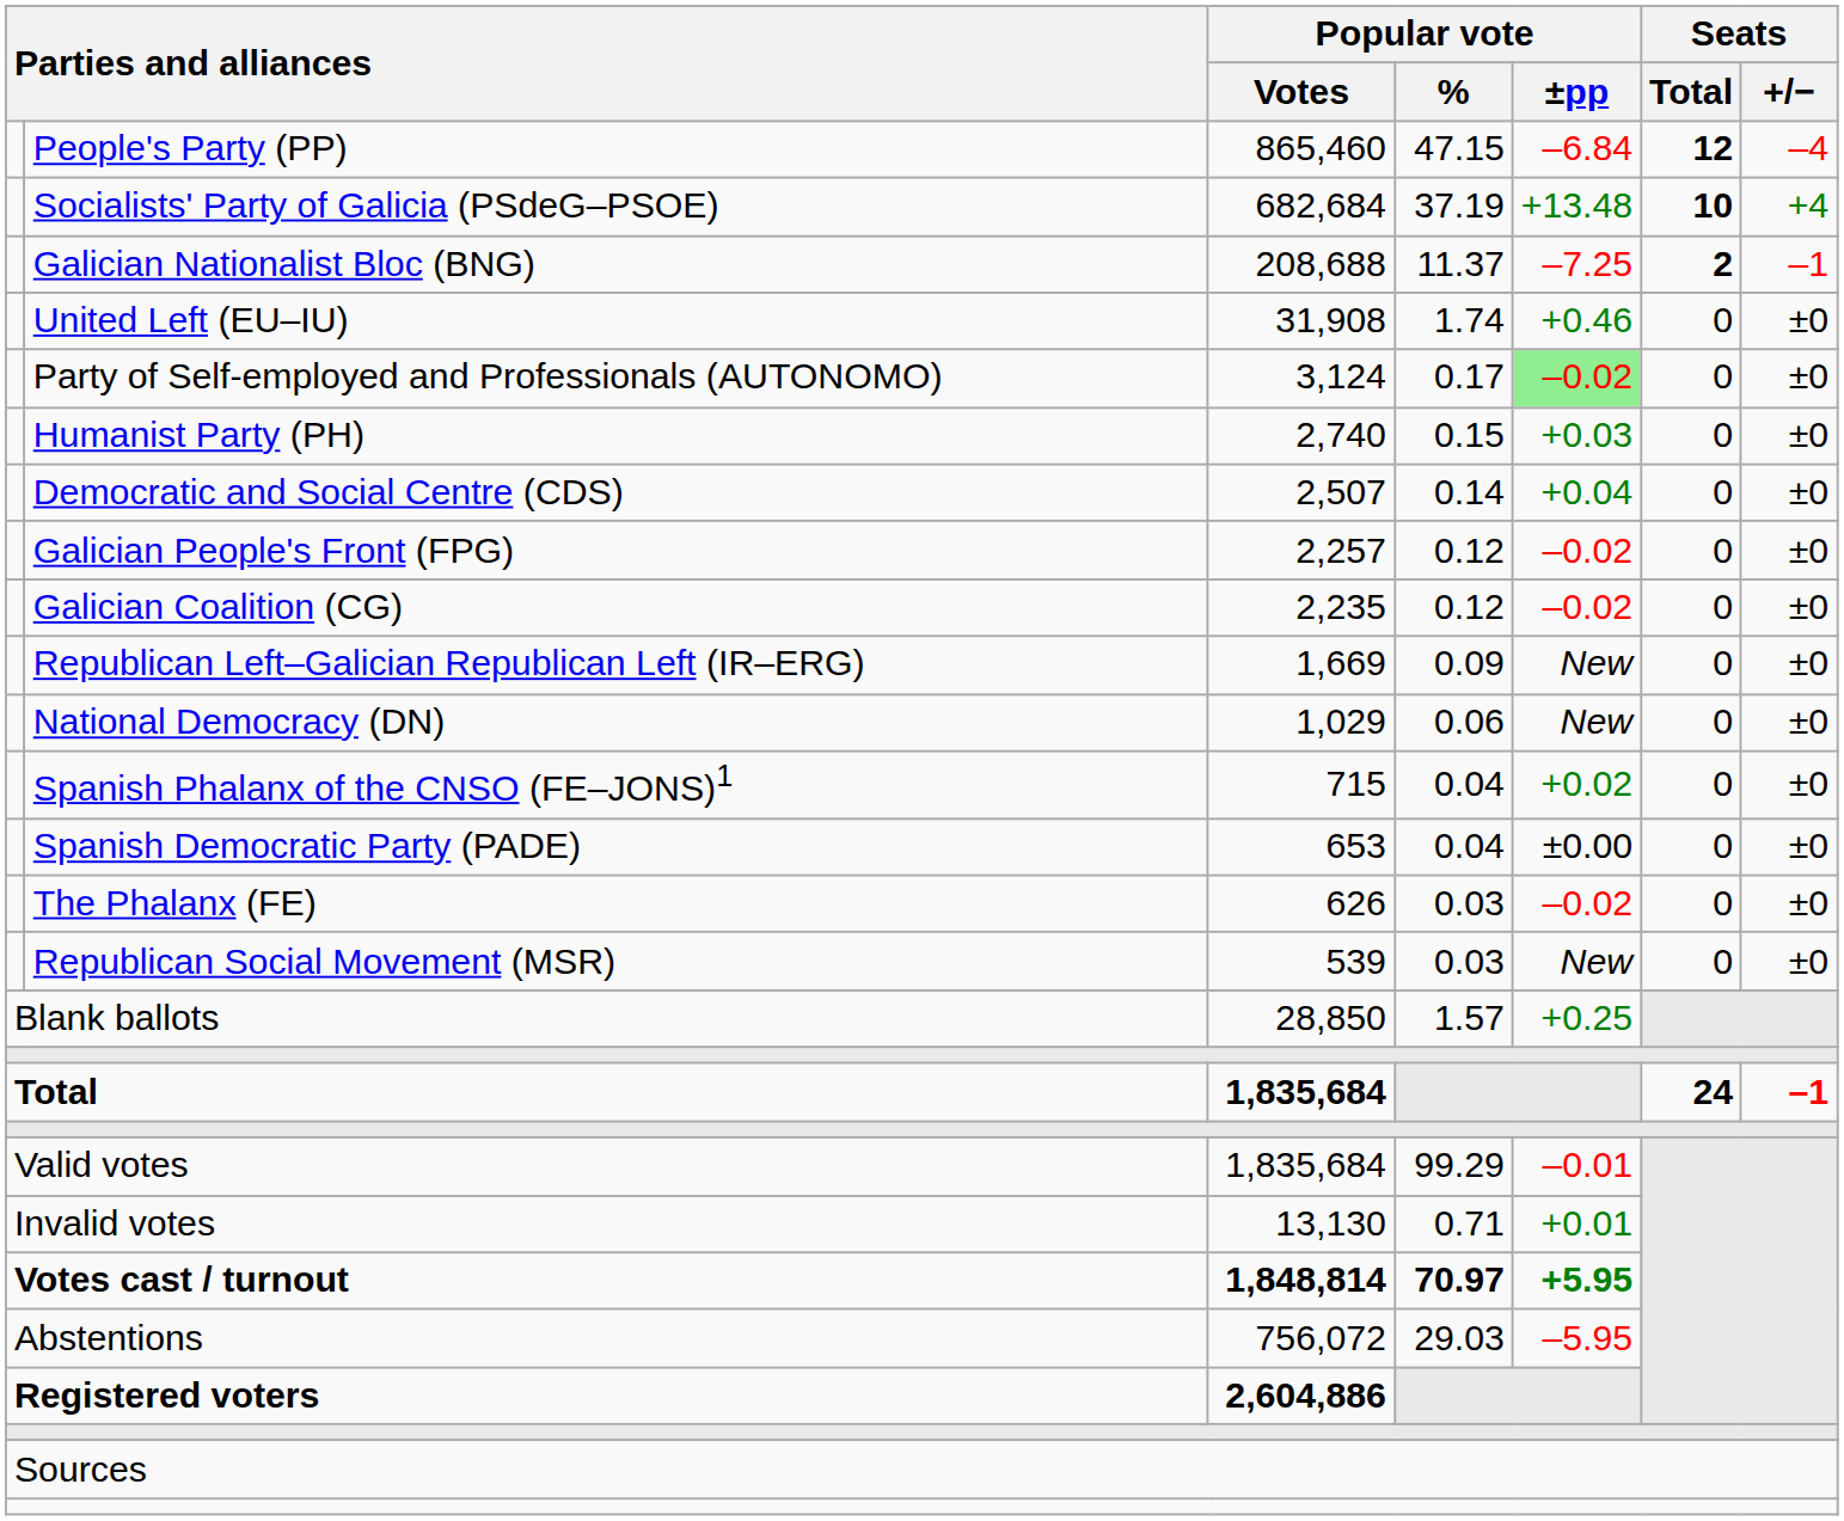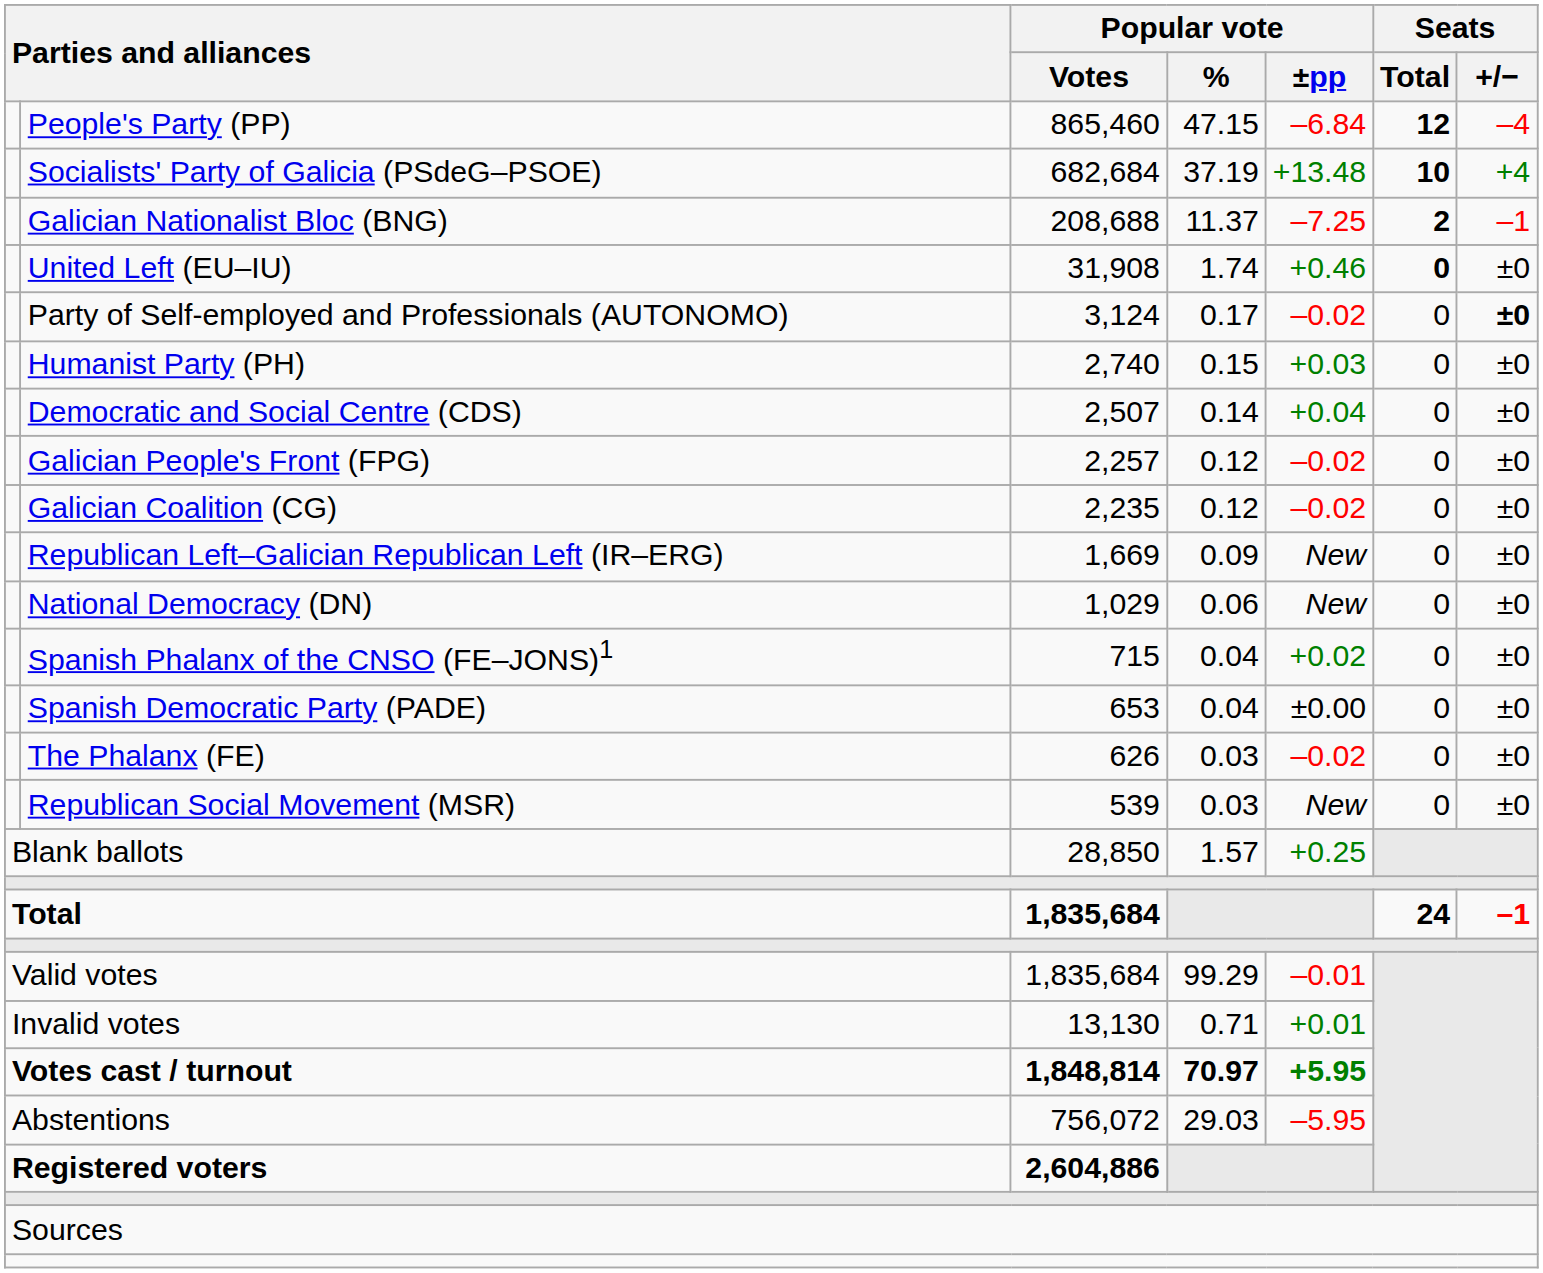 <table class="wikitable" style="text-align:right;">
 <tr>
 <th style="text-align:left;" rowspan="2" colspan="2" width="525">Parties and alliances</th>
 <th colspan="3">Popular vote</th>
 <th colspan="2">Seats</th>
 </tr>
 <tr>
 <th width="75">Votes</th>
 <th width="45">%</th>
 <th width="45">±<a href='#'>pp</a></th>
 <th width="35">Total</th>
 <th width="35">+/−</th>
 </tr>
 <tr>
 <td width="1" style="color:inherit;background:"></td>
 <td align="left"><a href='#'>People's Party</a> (PP)</td>
 <td>865,460</td>
 <td>47.15</td>
 <td style="color:red;">–6.84</td>
 <td><strong>12</strong></td>
 <td style="color:red;">–4</td>
 </tr>
 <tr>
 <td style="color:inherit;background:"></td>
 <td align="left"><a href='#'>Socialists' Party of Galicia</a> (PSdeG–PSOE)</td>
 <td>682,684</td>
 <td>37.19</td>
 <td style="color:green;">+13.48</td>
 <td><strong>10</strong></td>
 <td style="color:green;">+4</td>
 </tr>
 <tr>
 <td style="color:inherit;background:"></td>
 <td align="left"><a href='#'>Galician Nationalist Bloc</a> (BNG)</td>
 <td>208,688</td>
 <td>11.37</td>
 <td style="color:red;">–7.25</td>
 <td><strong>2</strong></td>
 <td style="color:red;">–1</td>
 </tr>
 <tr>
 <td style="color:inherit;background:"></td>
 <td align="left"><a href='#'>United Left</a> (EU–IU)</td>
 <td>31,908</td>
 <td>1.74</td>
 <td style="color:green;">+0.46</td>
-<td>0</td>
+<td><strong>0</strong></td>
 <td>±0</td>
 </tr>
 <tr>
 <td style="color:inherit;background:"></td>
 <td align="left">Party of Self-employed and Professionals (AUTONOMO)</td>
 <td>3,124</td>
 <td>0.17</td>
-<td style="background: lightgreen; color:red;">–0.02</td>
+<td style="color:red;">–0.02</td>
 <td>0</td>
-<td>±0</td>
+<td><strong>±0</strong></td>
 </tr>
 <tr>
 <td style="color:inherit;background:"></td>
 <td align="left"><a href='#'>Humanist Party</a> (PH)</td>
 <td>2,740</td>
 <td>0.15</td>
 <td style="color:green;">+0.03</td>
 <td>0</td>
 <td>±0</td>
 </tr>
 <tr>
 <td style="color:inherit;background:"></td>
 <td align="left"><a href='#'>Democratic and Social Centre</a> (CDS)</td>
 <td>2,507</td>
 <td>0.14</td>
 <td style="color:green;">+0.04</td>
 <td>0</td>
 <td>±0</td>
 </tr>
 <tr>
 <td style="color:inherit;background:"></td>
 <td align="left"><a href='#'>Galician People's Front</a> (FPG)</td>
 <td>2,257</td>
 <td>0.12</td>
 <td style="color:red;">–0.02</td>
 <td>0</td>
 <td>±0</td>
 </tr>
 <tr>
 <td style="color:inherit;background:"></td>
 <td align="left"><a href='#'>Galician Coalition</a> (CG)</td>
 <td>2,235</td>
 <td>0.12</td>
 <td style="color:red;">–0.02</td>
 <td>0</td>
 <td>±0</td>
 </tr>
 <tr>
 <td style="color:inherit;background:"></td>
 <td align="left"><a href='#'>Republican Left–Galician Republican Left</a> (IR–ERG)</td>
 <td>1,669</td>
 <td>0.09</td>
 <td><em>New</em></td>
 <td>0</td>
 <td>±0</td>
 </tr>
 <tr>
 <td style="color:inherit;background:"></td>
 <td align="left"><a href='#'>National Democracy</a> (DN)</td>
 <td>1,029</td>
 <td>0.06</td>
 <td><em>New</em></td>
 <td>0</td>
 <td>±0</td>
 </tr>
 <tr>
 <td style="color:inherit;background:"></td>
 <td align="left"><a href='#'>Spanish Phalanx of the CNSO</a> (FE–JONS)<sup>1</sup></td>
 <td>715</td>
 <td>0.04</td>
 <td style="color:green;">+0.02</td>
 <td>0</td>
 <td>±0</td>
 </tr>
 <tr>
 <td style="color:inherit;background:"></td>
 <td align="left"><a href='#'>Spanish Democratic Party</a> (PADE)</td>
 <td>653</td>
 <td>0.04</td>
 <td>±0.00</td>
 <td>0</td>
 <td>±0</td>
 </tr>
 <tr>
 <td style="color:inherit;background:"></td>
 <td align="left"><a href='#'>The Phalanx</a> (FE)</td>
 <td>626</td>
 <td>0.03</td>
 <td style="color:red;">–0.02</td>
 <td>0</td>
 <td>±0</td>
 </tr>
 <tr>
 <td style="color:inherit;background:"></td>
 <td align="left"><a href='#'>Republican Social Movement</a> (MSR)</td>
 <td>539</td>
 <td>0.03</td>
 <td><em>New</em></td>
 <td>0</td>
 <td>±0</td>
 </tr>
 <tr>
 <td align="left" colspan="2">Blank ballots</td>
 <td>28,850</td>
 <td>1.57</td>
 <td style="color:green;">+0.25</td>
 <td bgcolor="#E9E9E9" colspan="2"></td>
 </tr>
 <tr>
 <td colspan="7" bgcolor="#E9E9E9"></td>
 </tr>
 <tr style="font-weight:bold;">
 <td align="left" colspan="2">Total</td>
 <td>1,835,684</td>
 <td bgcolor="#E9E9E9" colspan="2"></td>
 <td>24</td>
 <td style="color:red;">–1</td>
 </tr>
 <tr>
 <td colspan="7" bgcolor="#E9E9E9"></td>
 </tr>
 <tr>
 <td align="left" colspan="2">Valid votes</td>
 <td>1,835,684</td>
 <td>99.29</td>
 <td style="color:red;">–0.01</td>
 <td bgcolor="#E9E9E9" colspan="2" rowspan="5"></td>
 </tr>
 <tr>
 <td align="left" colspan="2">Invalid votes</td>
 <td>13,130</td>
 <td>0.71</td>
 <td style="color:green;">+0.01</td>
 </tr>
 <tr style="font-weight:bold;">
 <td align="left" colspan="2">Votes cast / turnout</td>
 <td>1,848,814</td>
 <td>70.97</td>
 <td style="color:green;">+5.95</td>
 </tr>
 <tr>
 <td align="left" colspan="2">Abstentions</td>
 <td>756,072</td>
 <td>29.03</td>
 <td style="color:red;">–5.95</td>
 </tr>
 <tr style="font-weight:bold;">
 <td align="left" colspan="2">Registered voters</td>
 <td>2,604,886</td>
 <td bgcolor="#E9E9E9" colspan="2"></td>
 </tr>
 <tr>
 <td colspan="7" bgcolor="#E9E9E9"></td>
 </tr>
 <tr>
 <td align="left" colspan="7">Sources</td>
 </tr>
 <tr>
 <td colspan="7" style="text-align:left; max-width:790px;"></td>
 </tr>
 </table>
